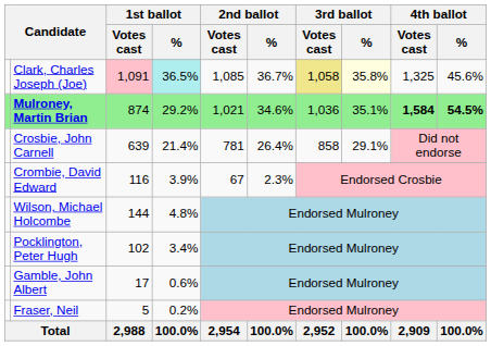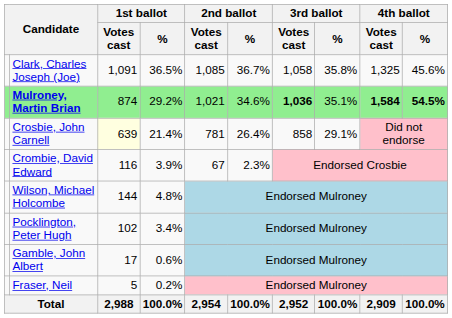 <table class="wikitable">
 <tr>
 <th colspan="2" rowspan="2">Candidate</th>
 <th colspan="2">1st ballot</th>
 <th colspan="2">2nd ballot</th>
 <th colspan="2">3rd ballot</th>
 <th colspan="2">4th ballot</th>
 </tr>
 <tr>
 <th>Votes cast</th>
 <th>%</th>
 <th>Votes cast</th>
 <th>%</th>
 <th>Votes cast</th>
 <th>%</th>
 <th>Votes cast</th>
 <th>%</th>
 </tr>
 <tr>
 <td></td>
 <td><a href='#'>Clark, Charles Joseph (Joe)</a></td>
-<td align="right" style="background: pink;">1,091</td>
-<td align="right" style="background: paleturquoise;">36.5%</td>
+<td align="right">1,091</td>
+<td align="right">36.5%</td>
 <td align="right">1,085</td>
 <td align="right">36.7%</td>
-<td align="right" style="background: khaki;">1,058</td>
-<td align="right" style="background: lightyellow;">35.8%</td>
+<td align="right">1,058</td>
+<td align="right">35.8%</td>
 <td align="right">1,325</td>
 <td align="right">45.6%</td>
 </tr>
 <tr style="background:lightgreen;">
 <td></td>
 <td><strong><a href='#'>Mulroney, Martin Brian</a></strong></td>
 <td align="right">874</td>
 <td align="right">29.2%</td>
 <td align="right">1,021</td>
 <td align="right">34.6%</td>
-<td align="right">1,036</td>
+<td align="right"><strong>1,036</strong></td>
 <td align="right">35.1%</td>
 <td align="right"><strong>1,584</strong></td>
 <td align="right"><strong>54.5%</strong></td>
 </tr>
 <tr>
 <td></td>
 <td><a href='#'>Crosbie, John Carnell</a></td>
-<td align="right">639</td>
+<td align="right" style="background: lightyellow;">639</td>
 <td align="right">21.4%</td>
 <td align="right">781</td>
 <td align="right">26.4%</td>
 <td align="right">858</td>
 <td align="right">29.1%</td>
 <td style="text-align:center; background:pink;" colspan="2">Did not endorse</td>
 </tr>
 <tr>
 <td></td>
 <td><a href='#'>Crombie, David Edward</a></td>
 <td align="right">116</td>
 <td align="right">3.9%</td>
 <td align="right">67</td>
 <td align="right">2.3%</td>
 <td style="text-align:center; background:pink;" colspan="4">Endorsed Crosbie</td>
 </tr>
 <tr>
 <td></td>
 <td><a href='#'>Wilson, Michael Holcombe</a></td>
 <td align="right">144</td>
 <td align="right">4.8%</td>
 <td style="text-align:center; background:lightblue;" colspan="6">Endorsed Mulroney</td>
 </tr>
 <tr>
 <td></td>
 <td><a href='#'>Pocklington, Peter Hugh</a></td>
 <td align="right">102</td>
 <td align="right">3.4%</td>
 <td style="text-align:center; background:lightblue;" colspan="6">Endorsed Mulroney</td>
 </tr>
 <tr>
 <td></td>
 <td><a href='#'>Gamble, John Albert</a></td>
 <td align="right">17</td>
 <td align="right">0.6%</td>
 <td style="text-align:center; background:lightblue;" colspan="6">Endorsed Mulroney</td>
 </tr>
 <tr>
 <td></td>
 <td><a href='#'>Fraser, Neil</a></td>
 <td align="right">5</td>
 <td align="right">0.2%</td>
 <td style="text-align:center; background:pink;" colspan="6">Endorsed Mulroney</td>
 </tr>
 <tr>
 <th colspan="2">Total</th>
 <th align="right">2,988</th>
 <th align="right">100.0%</th>
 <th align="right">2,954</th>
 <th align="right">100.0%</th>
 <th align="right">2,952</th>
 <th align="right">100.0%</th>
 <th align="right">2,909</th>
 <th align="right">100.0%</th>
 </tr>
 </table>
